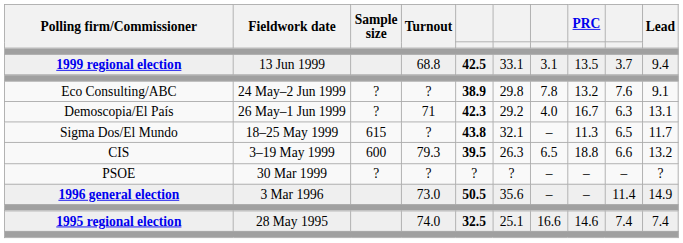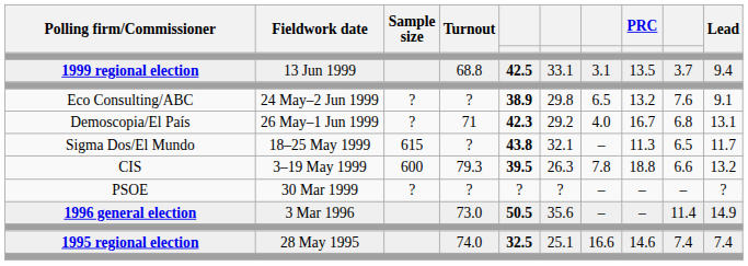 <table class="wikitable collapsible collapsed" style="text-align:center; font-size:95%; line-height:16px;">
 <tr style="height:42px;">
 <th style="width:250px;" rowspan="2">Polling firm/Commissioner</th>
 <th style="width:125px;" rowspan="2">Fieldwork date</th>
 <th style="width:50px;" rowspan="2">Sample size</th>
 <th style="width:45px;" rowspan="2">Turnout</th>
 <th style="width:35px;"></th>
 <th style="width:35px;"></th>
 <th style="width:35px;"></th>
 <th style="width:35px;"><a href='#'>PRC</a></th>
 <th style="width:35px;"></th>
 <th style="width:30px;" rowspan="2">Lead</th>
 </tr>
 <tr>
 <th style="color:inherit;background:"></th>
 <th style="color:inherit;background:"></th>
 <th style="color:inherit;background:"></th>
 <th style="color:inherit;background:"></th>
 <th style="color:inherit;background:"></th>
 </tr>
 <tr>
 <td colspan="10" style="background:#A0A0A0"></td>
 </tr>
 <tr style="background:#EFEFEF;">
 <td><strong><a href='#'>1999 regional election</a></strong></td>
 <td>13 Jun 1999</td>
 <td></td>
 <td>68.8</td>
 <td><strong>42.5</strong><br></td>
 <td>33.1<br></td>
 <td>3.1<br></td>
 <td>13.5<br></td>
 <td>3.7<br></td>
 <td style="background:">9.4</td>
 </tr>
 <tr>
 <td colspan="10" style="background:#A0A0A0"></td>
 </tr>
 <tr>
 <td>Eco Consulting/ABC</td>
 <td>24 May–2 Jun 1999</td>
 <td>?</td>
 <td>?</td>
 <td><strong>38.9</strong><br></td>
 <td>29.8<br></td>
-<td>7.8<br></td>
+<td>6.5<br></td>
 <td>13.2<br></td>
 <td>7.6<br></td>
 <td style="background:">9.1</td>
 </tr>
 <tr>
 <td>Demoscopia/El País</td>
 <td>26 May–1 Jun 1999</td>
 <td>?</td>
 <td>71</td>
 <td><strong>42.3</strong><br></td>
 <td>29.2<br></td>
 <td>4.0<br></td>
 <td>16.7<br></td>
-<td>6.3<br></td>
+<td>6.8<br></td>
 <td style="background:">13.1</td>
 </tr>
 <tr>
 <td>Sigma Dos/El Mundo</td>
 <td>18–25 May 1999</td>
 <td>615</td>
 <td>?</td>
 <td><strong>43.8</strong><br></td>
 <td>32.1<br></td>
 <td>–</td>
 <td>11.3<br></td>
 <td>6.5<br></td>
 <td style="background:">11.7</td>
 </tr>
 <tr>
 <td>CIS</td>
 <td>3–19 May 1999</td>
 <td>600</td>
 <td>79.3</td>
 <td><strong>39.5</strong><br></td>
 <td>26.3<br></td>
-<td>6.5<br></td>
+<td>7.8<br></td>
 <td>18.8<br></td>
 <td>6.6<br></td>
 <td style="background:">13.2</td>
 </tr>
 <tr>
 <td>PSOE</td>
 <td>30 Mar 1999</td>
 <td>?</td>
 <td>?</td>
 <td>?<br></td>
 <td>?<br></td>
 <td>–</td>
 <td>–</td>
 <td>–</td>
 <td style="background:">?</td>
 </tr>
 <tr style="background:#EFEFEF;">
 <td><strong><a href='#'>1996 general election</a></strong></td>
 <td>3 Mar 1996</td>
 <td></td>
 <td>73.0</td>
 <td><strong>50.5</strong><br></td>
 <td>35.6<br></td>
 <td>–</td>
 <td>–</td>
 <td>11.4<br></td>
 <td style="background:">14.9</td>
 </tr>
 <tr>
 <td colspan="10" style="background:#A0A0A0"></td>
 </tr>
 <tr style="background:#EFEFEF;">
 <td><strong><a href='#'>1995 regional election</a></strong></td>
 <td>28 May 1995</td>
 <td></td>
 <td>74.0</td>
 <td><strong>32.5</strong><br></td>
 <td>25.1<br></td>
 <td>16.6<br></td>
 <td>14.6<br></td>
 <td>7.4<br></td>
 <td style="background:">7.4</td>
 </tr>
 <tr>
 <td colspan="10" style="background:#A0A0A0"></td>
 </tr>
 </table>
